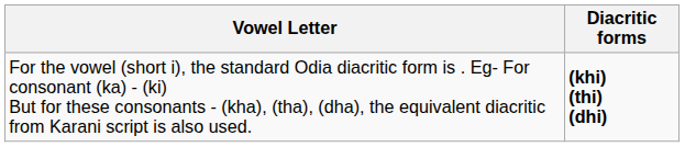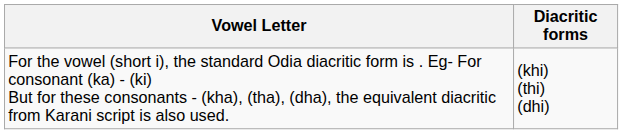 <table class="wikitable">
 <tr>
 <th>Vowel Letter</th>
 <th>Diacritic forms</th>
 </tr>
 <tr>
 <td>For the vowel <span></span> (short i), the standard Odia diacritic form is <span></span>. Eg- For consonant <span></span> (ka) - <span></span> (ki)<br>But for these consonants - <span></span> (kha), <span></span> (tha), <span></span> (dha), the equivalent <span></span> diacritic from Karani script is also used.</td>
-<td><strong><span></span> (khi)<br> <span></span> (thi)<br> <span></span> (dhi)</strong></td>
+<td><span></span> (khi)<br> <span></span> (thi)<br> <span></span> (dhi)</td>
 </tr>
 </table>
